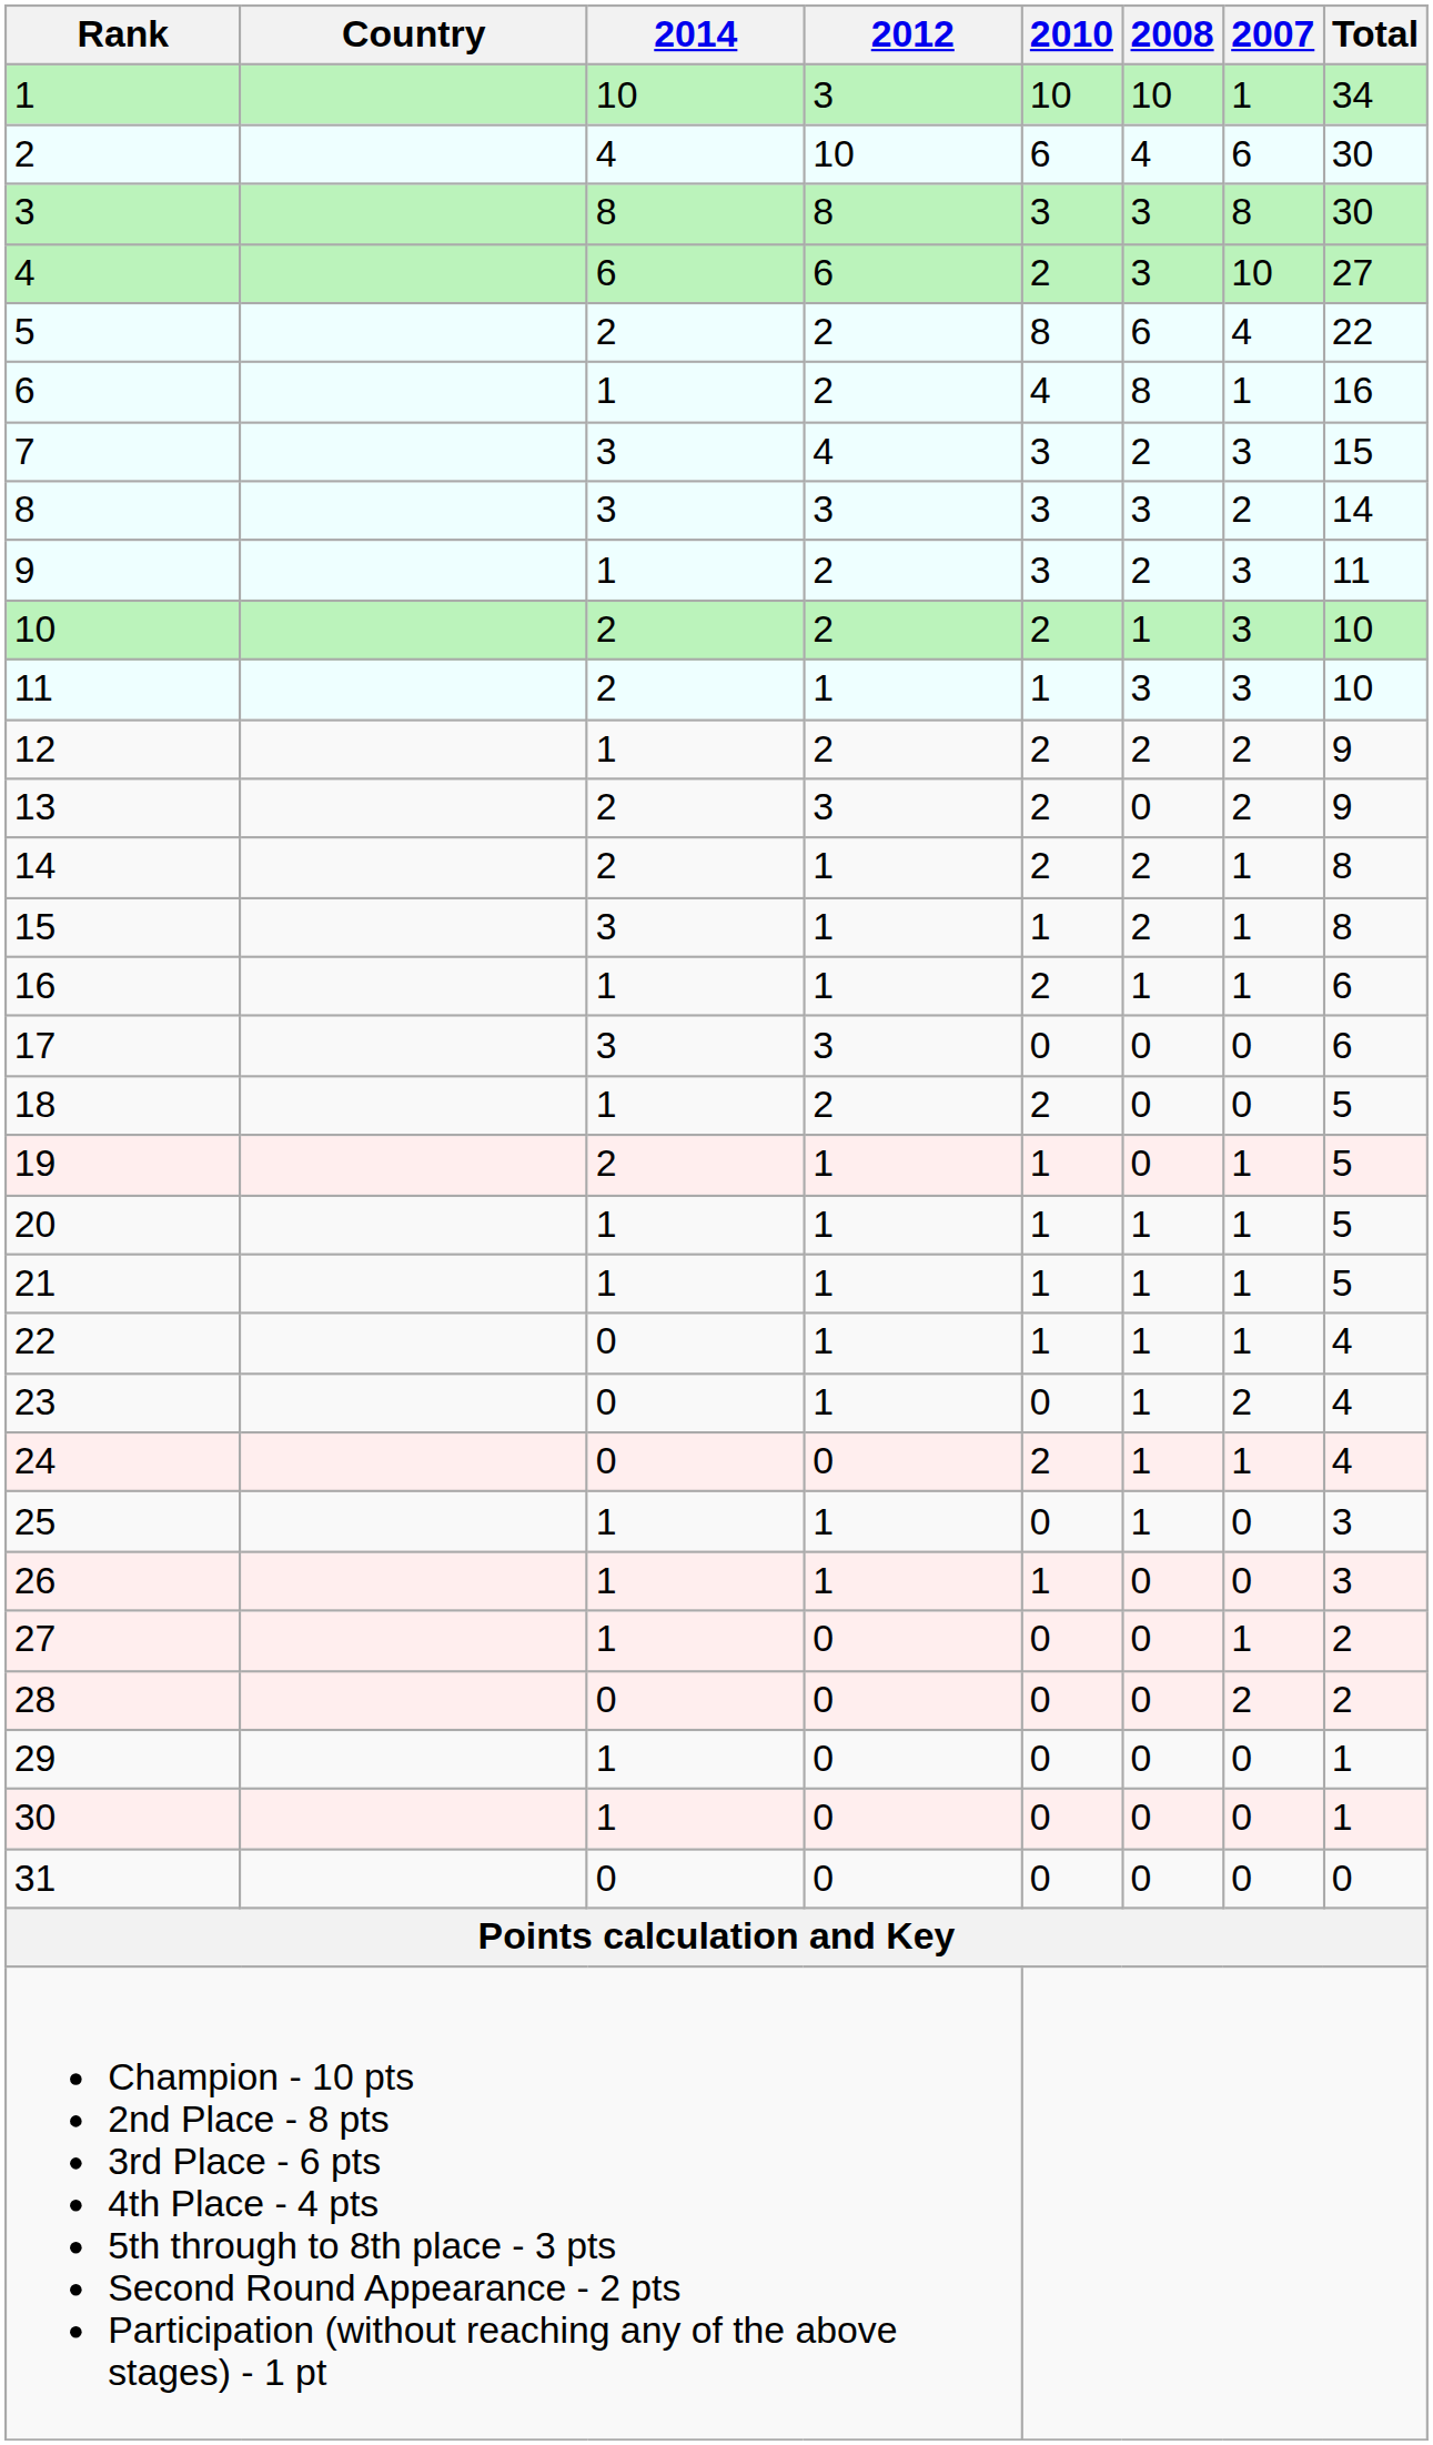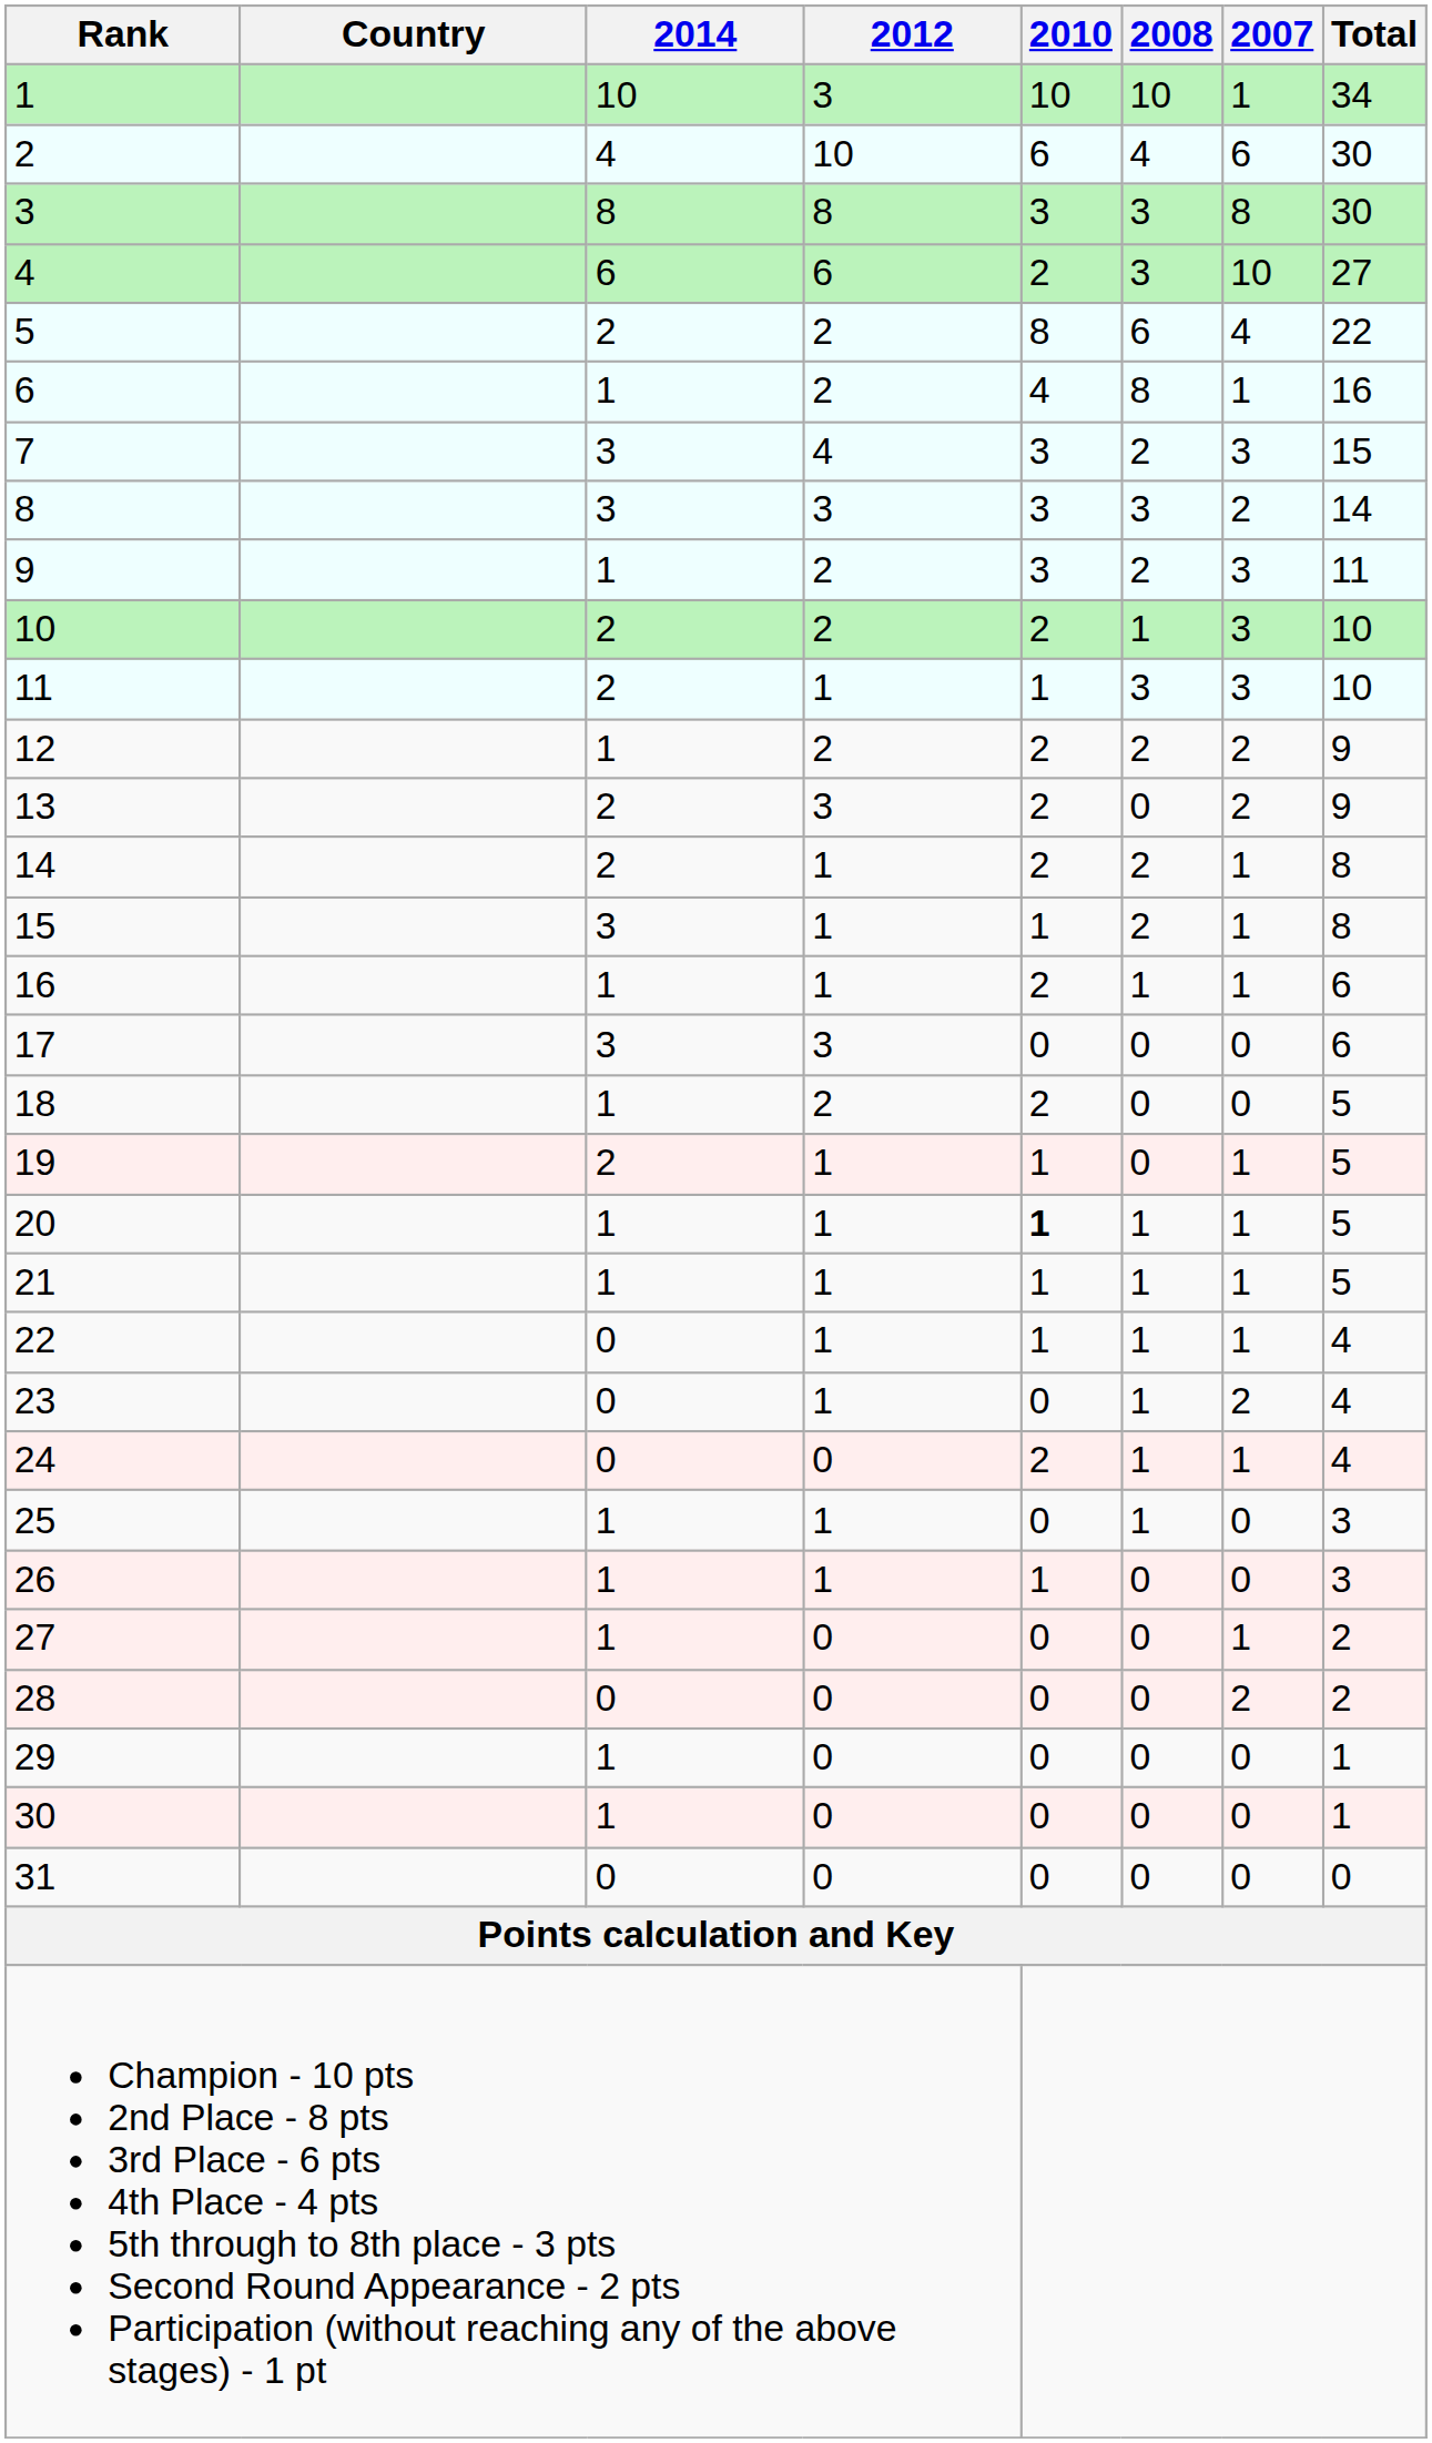 <table class="wikitable collapsible collapsed">
 <tr>
 <th>Rank</th>
 <th>Country</th>
 <th><a href='#'>2014</a></th>
 <th><a href='#'>2012</a></th>
 <th><a href='#'>2010</a></th>
 <th><a href='#'>2008</a></th>
 <th><a href='#'>2007</a></th>
 <th>Total</th>
 </tr>
 <tr bgcolor="#BBF3BB">
 <td>1</td>
 <td></td>
 <td>10</td>
 <td>3</td>
 <td>10</td>
 <td>10</td>
 <td>1</td>
 <td>34</td>
 </tr>
 <tr bgcolor="#EEFFFF">
 <td>2</td>
 <td></td>
 <td>4</td>
 <td>10</td>
 <td>6</td>
 <td>4</td>
 <td>6</td>
 <td>30</td>
 </tr>
 <tr bgcolor="#BBF3BB">
 <td>3</td>
 <td></td>
 <td>8</td>
 <td>8</td>
 <td>3</td>
 <td>3</td>
 <td>8</td>
 <td>30</td>
 </tr>
 <tr bgcolor="#BBF3BB">
 <td>4</td>
 <td></td>
 <td>6</td>
 <td>6</td>
 <td>2</td>
 <td>3</td>
 <td>10</td>
 <td>27</td>
 </tr>
 <tr bgcolor="#EEFFFF">
 <td>5</td>
 <td></td>
 <td>2</td>
 <td>2</td>
 <td>8</td>
 <td>6</td>
 <td>4</td>
 <td>22</td>
 </tr>
 <tr bgcolor="#EEFFFF">
 <td>6</td>
 <td></td>
 <td>1</td>
 <td>2</td>
 <td>4</td>
 <td>8</td>
 <td>1</td>
 <td>16</td>
 </tr>
 <tr bgcolor="#EEFFFF">
 <td>7</td>
 <td></td>
 <td>3</td>
 <td>4</td>
 <td>3</td>
 <td>2</td>
 <td>3</td>
 <td>15</td>
 </tr>
 <tr bgcolor="#EEFFFF">
 <td>8</td>
 <td></td>
 <td>3</td>
 <td>3</td>
 <td>3</td>
 <td>3</td>
 <td>2</td>
 <td>14</td>
 </tr>
 <tr bgcolor="#EEFFFF">
 <td>9</td>
 <td></td>
 <td>1</td>
 <td>2</td>
 <td>3</td>
 <td>2</td>
 <td>3</td>
 <td>11</td>
 </tr>
 <tr bgcolor="#BBF3BB">
 <td>10</td>
 <td></td>
 <td>2</td>
 <td>2</td>
 <td>2</td>
 <td>1</td>
 <td>3</td>
 <td>10</td>
 </tr>
 <tr bgcolor="#EEFFFF">
 <td>11</td>
 <td></td>
 <td>2</td>
 <td>1</td>
 <td>1</td>
 <td>3</td>
 <td>3</td>
 <td>10</td>
 </tr>
 <tr>
 <td>12</td>
 <td></td>
 <td>1</td>
 <td>2</td>
 <td>2</td>
 <td>2</td>
 <td>2</td>
 <td>9</td>
 </tr>
 <tr>
 <td>13</td>
 <td></td>
 <td>2</td>
 <td>3</td>
 <td>2</td>
 <td>0</td>
 <td>2</td>
 <td>9</td>
 </tr>
 <tr>
 <td>14</td>
 <td></td>
 <td>2</td>
 <td>1</td>
 <td>2</td>
 <td>2</td>
 <td>1</td>
 <td>8</td>
 </tr>
 <tr>
 <td>15</td>
 <td></td>
 <td>3</td>
 <td>1</td>
 <td>1</td>
 <td>2</td>
 <td>1</td>
 <td>8</td>
 </tr>
 <tr>
 <td>16</td>
 <td></td>
 <td>1</td>
 <td>1</td>
 <td>2</td>
 <td>1</td>
 <td>1</td>
 <td>6</td>
 </tr>
 <tr>
 <td>17</td>
 <td></td>
 <td>3</td>
 <td>3</td>
 <td>0</td>
 <td>0</td>
 <td>0</td>
 <td>6</td>
 </tr>
 <tr>
 <td>18</td>
 <td></td>
 <td>1</td>
 <td>2</td>
 <td>2</td>
 <td>0</td>
 <td>0</td>
 <td>5</td>
 </tr>
 <tr bgcolor="#FFEEEE">
 <td>19</td>
 <td></td>
 <td>2</td>
 <td>1</td>
 <td>1</td>
 <td>0</td>
 <td>1</td>
 <td>5</td>
 </tr>
 <tr>
 <td>20</td>
 <td></td>
 <td>1</td>
 <td>1</td>
-<td>1</td>
+<td><strong>1</strong></td>
 <td>1</td>
 <td>1</td>
 <td>5</td>
 </tr>
 <tr>
 <td>21</td>
 <td></td>
 <td>1</td>
 <td>1</td>
 <td>1</td>
 <td>1</td>
 <td>1</td>
 <td>5</td>
 </tr>
 <tr>
 <td>22</td>
 <td></td>
 <td>0</td>
 <td>1</td>
 <td>1</td>
 <td>1</td>
 <td>1</td>
 <td>4</td>
 </tr>
 <tr>
 <td>23</td>
 <td></td>
 <td>0</td>
 <td>1</td>
 <td>0</td>
 <td>1</td>
 <td>2</td>
 <td>4</td>
 </tr>
 <tr bgcolor="#FFEEEE">
 <td>24</td>
 <td></td>
 <td>0</td>
 <td>0</td>
 <td>2</td>
 <td>1</td>
 <td>1</td>
 <td>4</td>
 </tr>
 <tr>
 <td>25</td>
 <td></td>
 <td>1</td>
 <td>1</td>
 <td>0</td>
 <td>1</td>
 <td>0</td>
 <td>3</td>
 </tr>
 <tr bgcolor="#FFEEEE">
 <td>26</td>
 <td></td>
 <td>1</td>
 <td>1</td>
 <td>1</td>
 <td>0</td>
 <td>0</td>
 <td>3</td>
 </tr>
 <tr bgcolor="#FFEEEE">
 <td>27</td>
 <td></td>
 <td>1</td>
 <td>0</td>
 <td>0</td>
 <td>0</td>
 <td>1</td>
 <td>2</td>
 </tr>
 <tr bgcolor="#FFEEEE">
 <td>28</td>
 <td></td>
 <td>0</td>
 <td>0</td>
 <td>0</td>
 <td>0</td>
 <td>2</td>
 <td>2</td>
 </tr>
 <tr>
 <td>29</td>
 <td></td>
 <td>1</td>
 <td>0</td>
 <td>0</td>
 <td>0</td>
 <td>0</td>
 <td>1</td>
 </tr>
 <tr bgcolor="#FFEEEE">
 <td>30</td>
 <td></td>
 <td>1</td>
 <td>0</td>
 <td>0</td>
 <td>0</td>
 <td>0</td>
 <td>1</td>
 </tr>
 <tr>
 <td>31</td>
 <td></td>
 <td>0</td>
 <td>0</td>
 <td>0</td>
 <td>0</td>
 <td>0</td>
 <td>0</td>
 </tr>
 <tr>
 <th colspan="8">Points calculation and Key</th>
 </tr>
 <tr>
 <td colspan="4" valign="top"><br><ul><li>Champion - 10 pts</li><li>2nd Place - 8 pts</li><li>3rd Place - 6 pts</li><li>4th Place - 4 pts</li><li>5th through to 8th place - 3 pts</li><li>Second Round Appearance - 2 pts</li><li>Participation (without reaching any of the above stages) - 1 pt</li></ul></td>
 <td colspan="4" valign="top"><br>  </td>
 </tr>
 </table>
